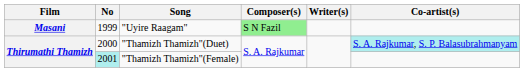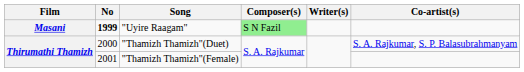 <table class="wikitable">
 <tr>
 <th>Film</th>
 <th><strong>No</strong></th>
 <th>Song</th>
 <th>Composer(s)</th>
 <th>Writer(s)</th>
 <th>Co-artist(s)</th>
 </tr>
 <tr>
 <th><a href='#'><em>Masani</em></a></th>
-<td>1999</td>
+<td><strong>1999</strong></td>
 <td>"Uyire Raagam"</td>
 <td style="background: lightgreen;">S N Fazil</td>
 <td></td>
 <td></td>
 </tr>
 <tr>
 <th rowspan="2"><em><a href='#'>Thirumathi Thamizh</a></em></th>
 <td>2000</td>
 <td>"Thamizh Thamizh"(Duet)</td>
 <td rowspan="2"><a href='#'>S. A. Rajkumar</a></td>
 <td rowspan="2"></td>
-<td style="background: paleturquoise;"><a href='#'>S. A. Rajkumar</a>, <a href='#'>S. P. Balasubrahmanyam</a></td>
+<td><a href='#'>S. A. Rajkumar</a>, <a href='#'>S. P. Balasubrahmanyam</a></td>
 </tr>
 <tr>
-<td style="background: paleturquoise;">2001</td>
+<td>2001</td>
 <td>"Thamizh Thamizh"(Female)</td>
 <td></td>
 </tr>
 </table>
